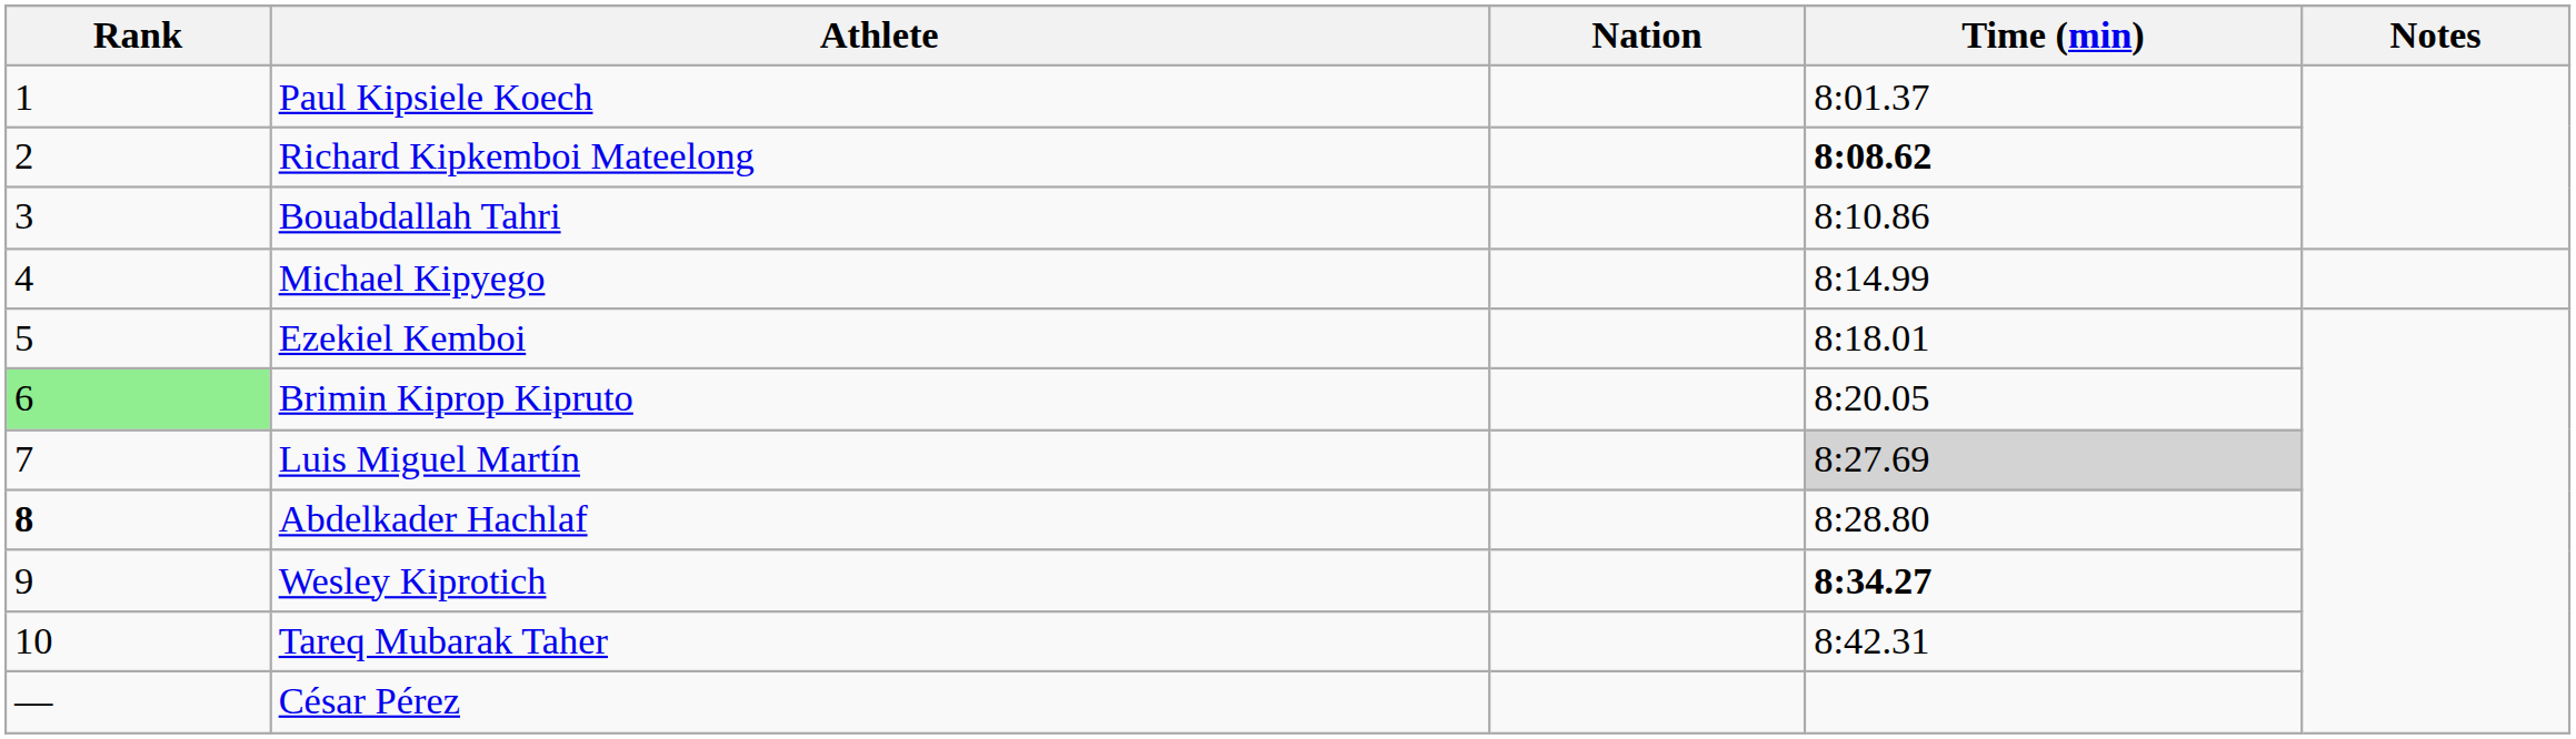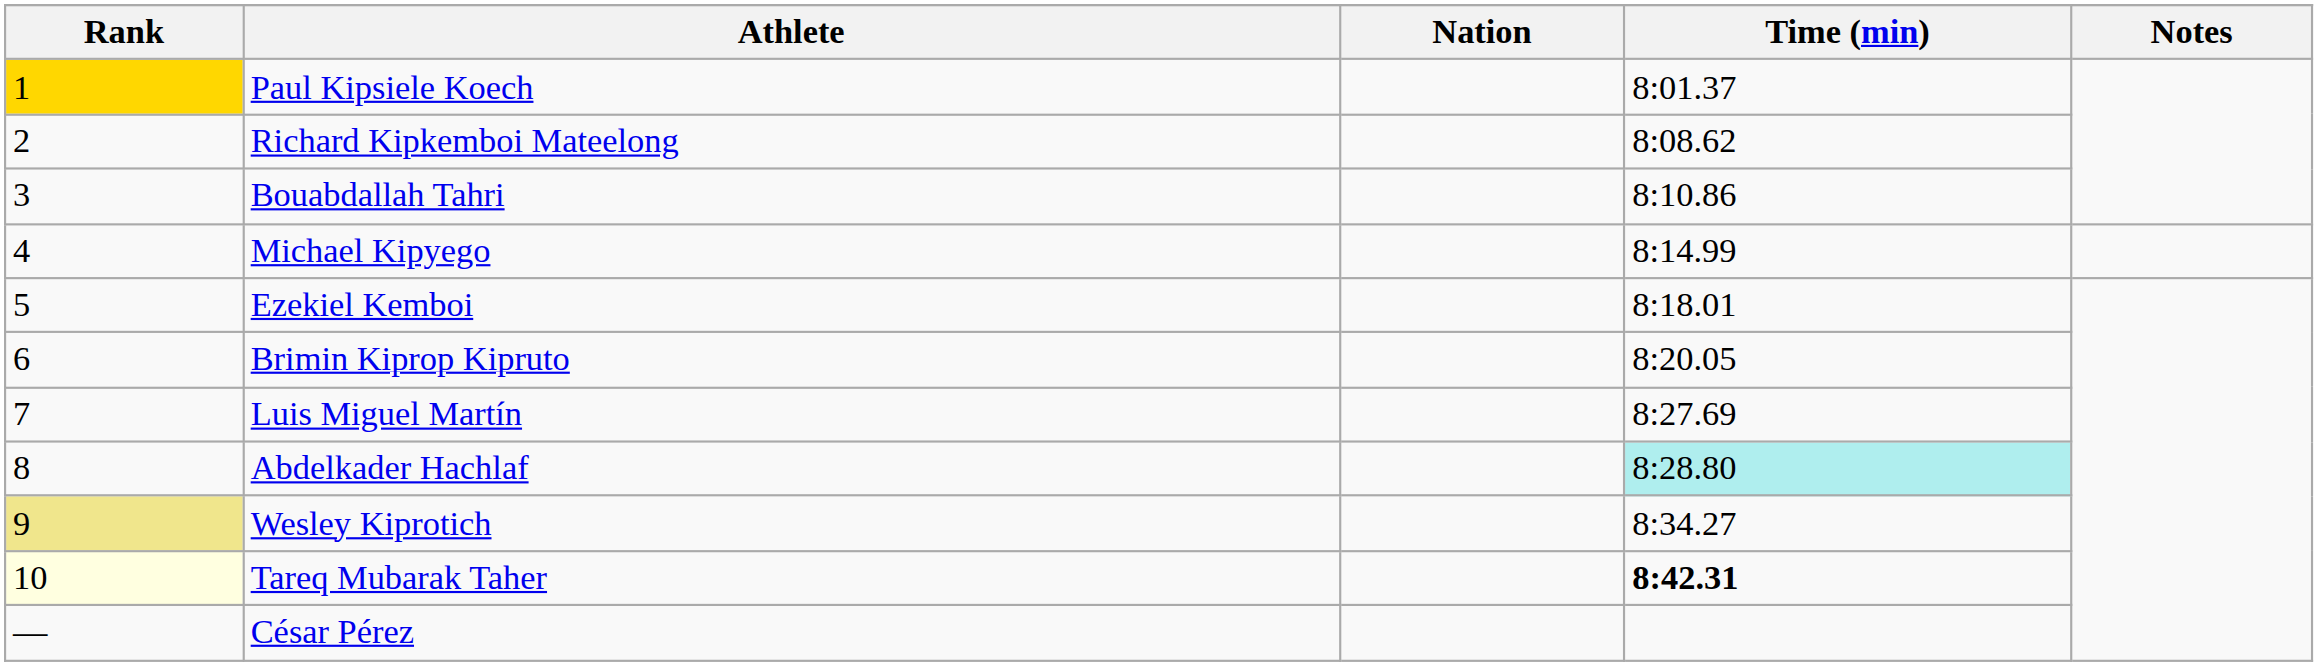 <table class="wikitable" width=85%>
 <tr>
 </tr>
 <tr>
 <th>Rank</th>
 <th>Athlete</th>
 <th>Nation</th>
 <th>Time (<a href='#'>min</a>)</th>
 <th>Notes</th>
 </tr>
 <tr>
-<td>1</td>
+<td style="background: gold;">1</td>
 <td><a href='#'>Paul Kipsiele Koech</a></td>
 <td></td>
 <td>8:01.37</td>
 </tr>
 <tr>
 <td>2</td>
 <td><a href='#'>Richard Kipkemboi Mateelong</a></td>
 <td></td>
-<td><strong>8:08.62</strong></td>
+<td>8:08.62</td>
 </tr>
 <tr>
 <td>3</td>
 <td><a href='#'>Bouabdallah Tahri</a></td>
 <td></td>
 <td>8:10.86</td>
 </tr>
 <tr>
 <td>4</td>
 <td><a href='#'>Michael Kipyego</a></td>
 <td></td>
 <td>8:14.99</td>
 <td></td>
 </tr>
 <tr>
 <td>5</td>
 <td><a href='#'>Ezekiel Kemboi</a></td>
 <td></td>
 <td>8:18.01</td>
 </tr>
 <tr>
-<td style="background: lightgreen;">6</td>
+<td>6</td>
 <td><a href='#'>Brimin Kiprop Kipruto</a></td>
 <td></td>
 <td>8:20.05</td>
 </tr>
 <tr>
 <td>7</td>
 <td><a href='#'>Luis Miguel Martín</a></td>
 <td></td>
-<td style="background: lightgrey;">8:27.69</td>
+<td>8:27.69</td>
 </tr>
 <tr>
-<td><strong>8</strong></td>
+<td>8</td>
 <td><a href='#'>Abdelkader Hachlaf</a></td>
 <td></td>
-<td>8:28.80</td>
+<td style="background: paleturquoise;">8:28.80</td>
 </tr>
 <tr>
-<td>9</td>
+<td style="background: khaki;">9</td>
 <td><a href='#'>Wesley Kiprotich</a></td>
 <td></td>
-<td><strong>8:34.27</strong></td>
+<td>8:34.27</td>
 </tr>
 <tr>
-<td>10</td>
+<td style="background: lightyellow;">10</td>
 <td><a href='#'>Tareq Mubarak Taher</a></td>
 <td></td>
-<td>8:42.31</td>
+<td><strong>8:42.31</strong></td>
 </tr>
 <tr>
 <td>—</td>
 <td><a href='#'>César Pérez</a></td>
 <td></td>
 <td></td>
 </tr>
 </table>
